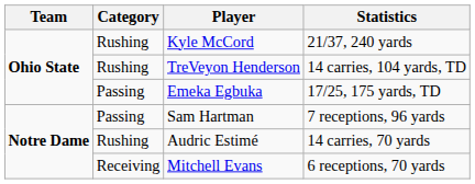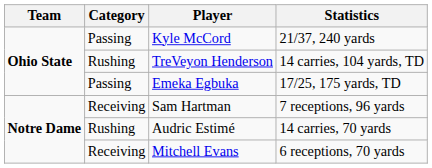 <table class="wikitable" style="float: right;">
 <tr>
 <th>Team</th>
 <th>Category</th>
 <th>Player</th>
 <th>Statistics</th>
 </tr>
 <tr>
 <td rowspan=3><strong>Ohio State</strong></td>
-<td>Rushing</td>
+<td>Passing</td>
 <td><a href='#'>Kyle McCord</a></td>
 <td>21/37, 240 yards</td>
 </tr>
 <tr>
 <td>Rushing</td>
 <td><a href='#'>TreVeyon Henderson</a></td>
 <td>14 carries, 104 yards, TD</td>
 </tr>
 <tr>
 <td>Passing</td>
 <td><a href='#'>Emeka Egbuka</a></td>
 <td>17/25, 175 yards, TD</td>
 </tr>
 <tr>
 <td rowspan=3><strong>Notre Dame</strong></td>
-<td>Passing</td>
+<td>Receiving</td>
 <td>Sam Hartman</td>
 <td>7 receptions, 96 yards</td>
 </tr>
 <tr>
 <td>Rushing</td>
 <td>Audric Estimé</td>
 <td>14 carries, 70 yards</td>
 </tr>
 <tr>
 <td>Receiving</td>
 <td><a href='#'>Mitchell Evans</a></td>
 <td>6 receptions, 70 yards</td>
 </tr>
 </table>
